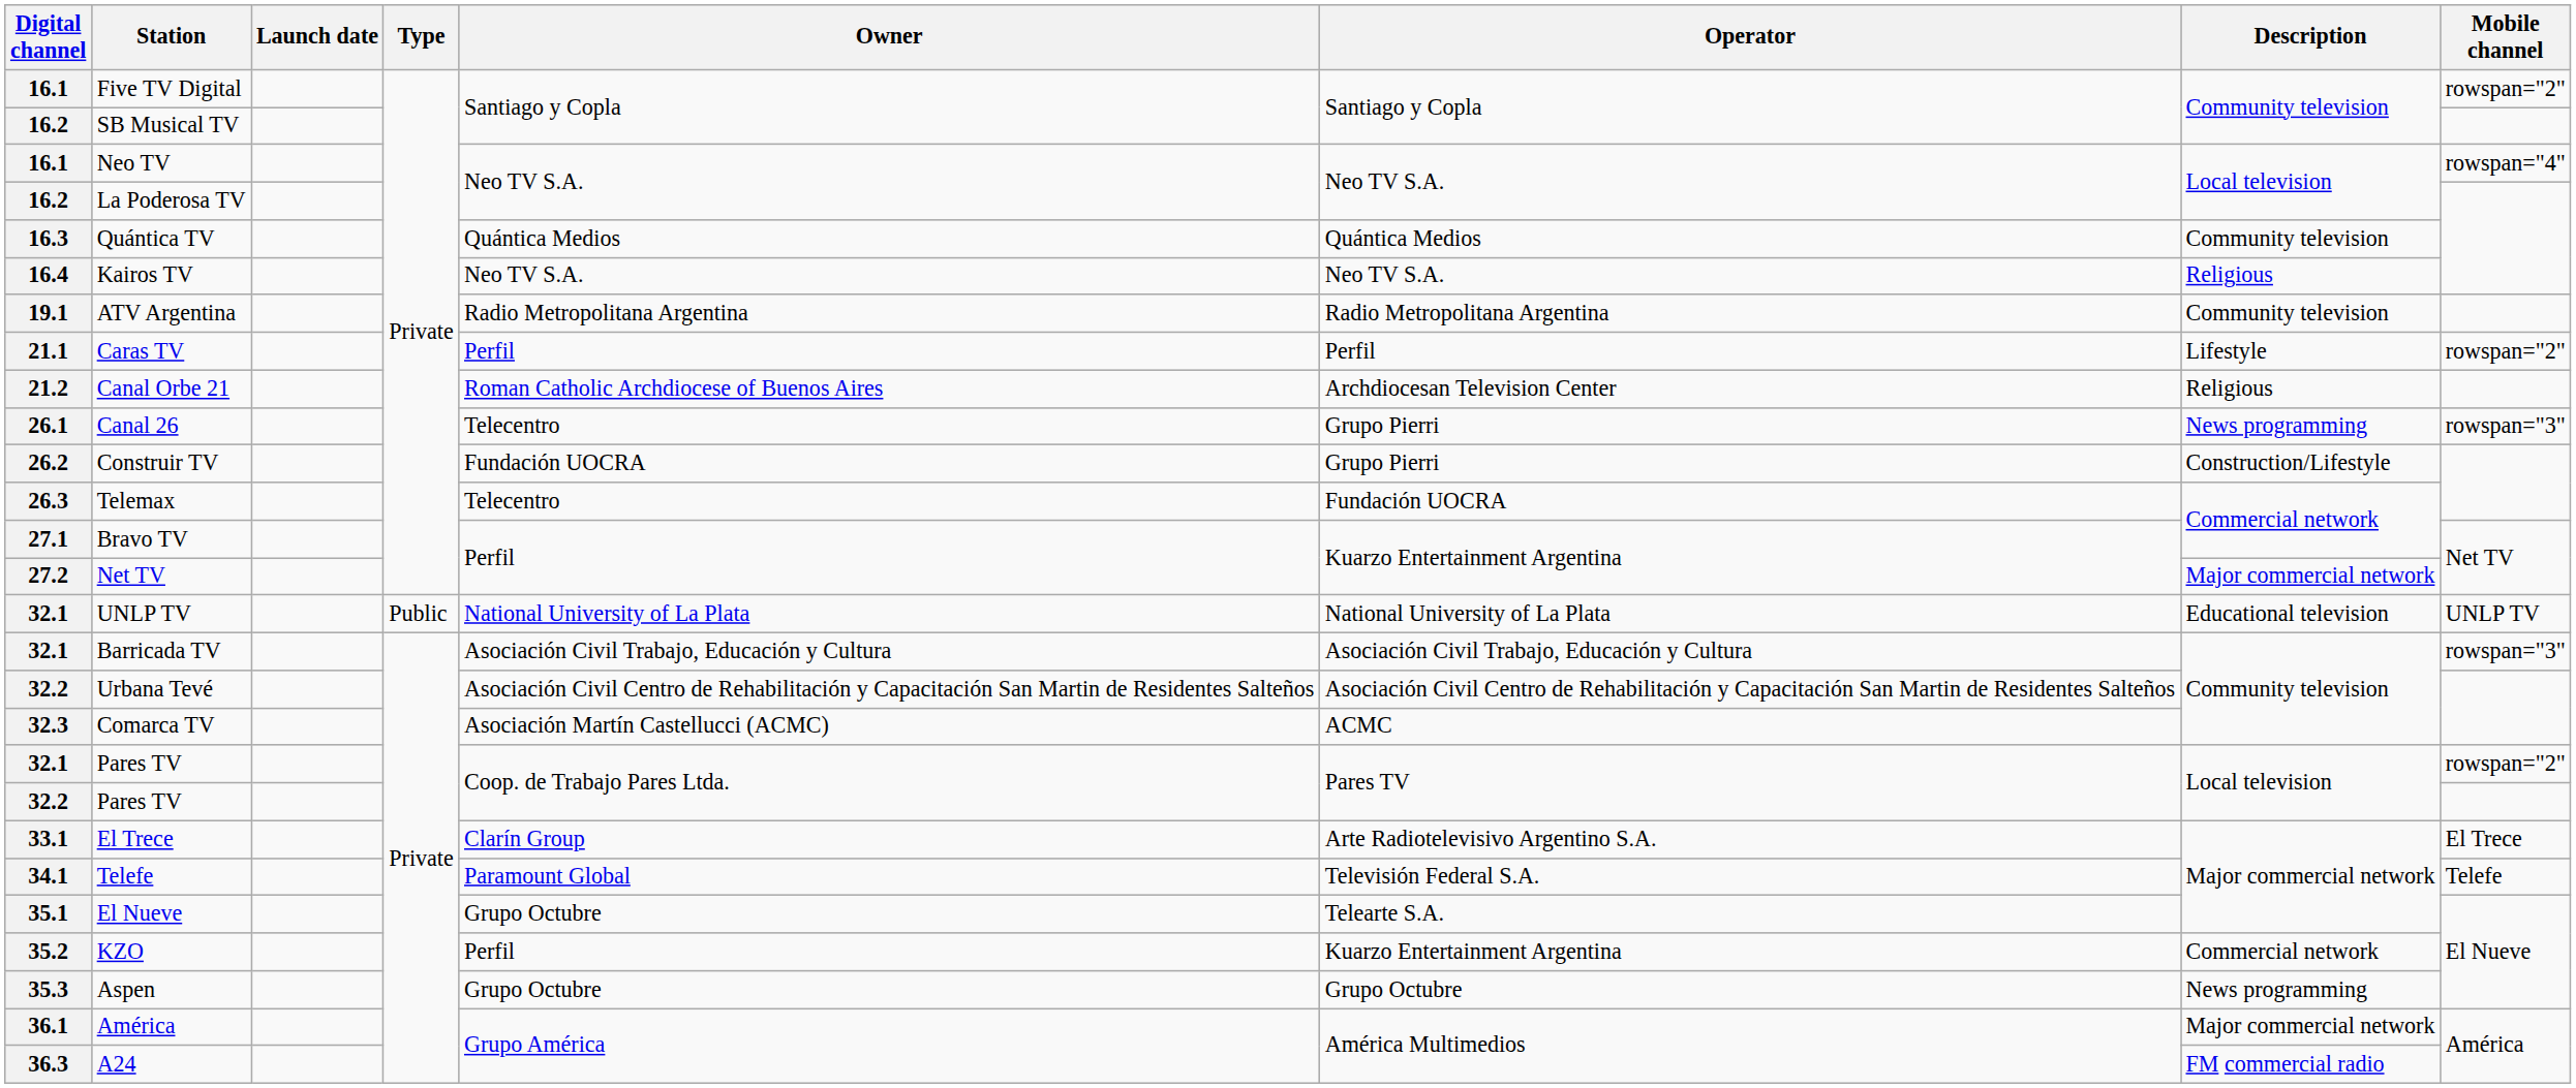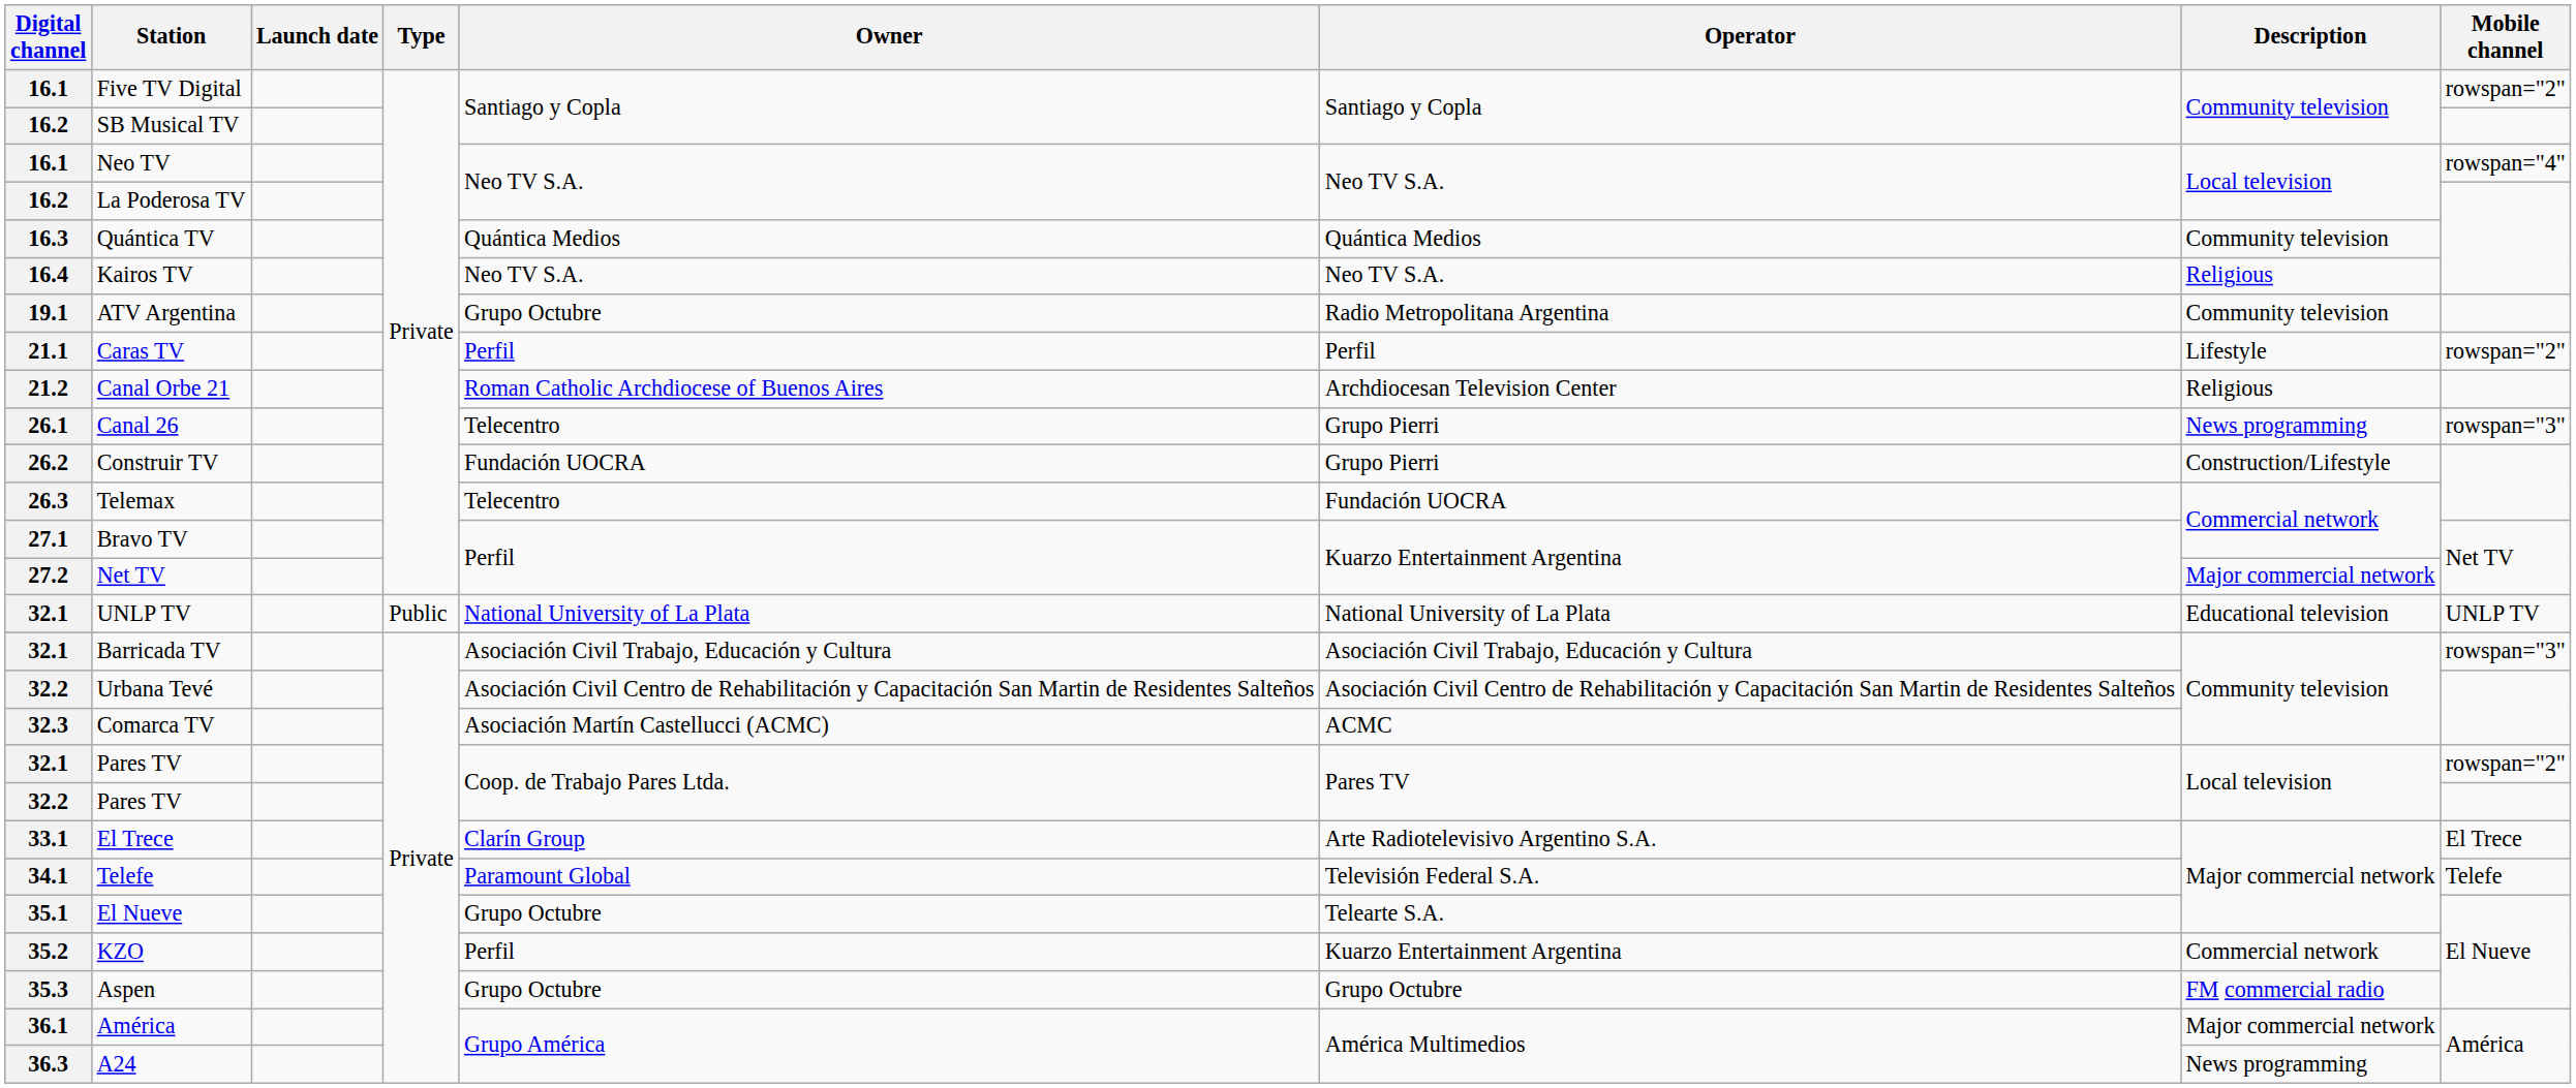 <table class="wikitable sortable" style="font-size: 90%;">
 <tr>
 <th><a href='#'>Digital<br>channel</a></th>
 <th>Station</th>
 <th>Launch date</th>
 <th>Type</th>
 <th>Owner</th>
 <th>Operator</th>
 <th>Description</th>
 <th>Mobile<br>channel</th>
 </tr>
 <tr>
 <th>16.1</th>
 <td>Five TV Digital</td>
 <td></td>
 <td rowspan="14">Private</td>
 <td rowspan="2">Santiago y Copla</td>
 <td rowspan="2">Santiago y Copla</td>
 <td rowspan="2"><a href='#'>Community television</a></td>
 <td>rowspan="2" </td>
 </tr>
 <tr>
 <th>16.2</th>
 <td>SB Musical TV</td>
 <td></td>
 </tr>
 <tr>
 <th>16.1</th>
 <td>Neo TV</td>
 <td></td>
 <td rowspan="2">Neo TV S.A.</td>
 <td rowspan="2">Neo TV S.A.</td>
 <td rowspan="2"><a href='#'>Local television</a></td>
 <td>rowspan="4" </td>
 </tr>
 <tr>
 <th>16.2</th>
 <td>La Poderosa TV</td>
 <td></td>
 </tr>
 <tr>
 <th>16.3</th>
 <td>Quántica TV</td>
 <td></td>
 <td>Quántica Medios</td>
 <td>Quántica Medios</td>
 <td>Community television</td>
 </tr>
 <tr>
 <th>16.4</th>
 <td>Kairos TV</td>
 <td></td>
 <td>Neo TV S.A.</td>
 <td>Neo TV S.A.</td>
 <td><a href='#'>Religious</a></td>
 </tr>
 <tr>
 <th>19.1</th>
 <td>ATV Argentina</td>
 <td></td>
-<td>Radio Metropolitana Argentina</td>
+<td>Grupo Octubre</td>
 <td>Radio Metropolitana Argentina</td>
 <td>Community television</td>
 <td></td>
 </tr>
 <tr>
 <th>21.1</th>
 <td><a href='#'>Caras TV</a></td>
 <td></td>
 <td><a href='#'>Perfil</a></td>
 <td>Perfil</td>
 <td>Lifestyle</td>
 <td>rowspan="2" </td>
 </tr>
 <tr>
 <th>21.2</th>
 <td><a href='#'>Canal Orbe 21</a></td>
 <td></td>
 <td><a href='#'>Roman Catholic Archdiocese of Buenos Aires</a></td>
 <td>Archdiocesan Television Center</td>
 <td>Religious</td>
 </tr>
 <tr>
 <th>26.1</th>
 <td><a href='#'>Canal 26</a></td>
 <td></td>
 <td>Telecentro</td>
 <td>Grupo Pierri</td>
 <td><a href='#'>News programming</a></td>
 <td>rowspan="3" </td>
 </tr>
 <tr>
 <th>26.2</th>
 <td>Construir TV</td>
 <td></td>
 <td>Fundación UOCRA</td>
 <td>Grupo Pierri</td>
 <td>Construction/Lifestyle</td>
 </tr>
 <tr>
 <th>26.3</th>
 <td>Telemax</td>
 <td></td>
 <td>Telecentro</td>
 <td>Fundación UOCRA</td>
 <td rowspan="2"><a href='#'>Commercial network</a></td>
 </tr>
 <tr>
 <th>27.1</th>
 <td>Bravo TV</td>
 <td></td>
 <td rowspan="2">Perfil</td>
 <td rowspan="2">Kuarzo Entertainment Argentina</td>
 <td rowspan="2">Net TV</td>
 </tr>
 <tr>
 <th>27.2</th>
 <td><a href='#'>Net TV</a></td>
 <td></td>
 <td><a href='#'>Major commercial network</a></td>
 </tr>
 <tr>
 <th>32.1</th>
 <td>UNLP TV</td>
 <td></td>
 <td>Public</td>
 <td><a href='#'>National University of La Plata</a></td>
 <td>National University of La Plata</td>
 <td>Educational television</td>
 <td>UNLP TV</td>
 </tr>
 <tr>
 <th>32.1</th>
 <td>Barricada TV</td>
 <td></td>
 <td rowspan="12">Private</td>
 <td>Asociación Civil Trabajo, Educación y Cultura</td>
 <td>Asociación Civil Trabajo, Educación y Cultura</td>
 <td rowspan="3">Community television</td>
 <td>rowspan="3" </td>
 </tr>
 <tr>
 <th>32.2</th>
 <td>Urbana Tevé</td>
 <td></td>
 <td>Asociación Civil Centro de Rehabilitación y Capacitación San Martin de Residentes Salteños</td>
 <td>Asociación Civil Centro de Rehabilitación y Capacitación San Martin de Residentes Salteños</td>
 </tr>
 <tr>
 <th>32.3</th>
 <td>Comarca TV</td>
 <td></td>
 <td>Asociación Martín Castellucci (ACMC)</td>
 <td>ACMC</td>
 </tr>
 <tr>
 <th>32.1</th>
 <td>Pares TV</td>
 <td></td>
 <td rowspan="2">Coop. de Trabajo Pares Ltda.</td>
 <td rowspan="2">Pares TV</td>
 <td rowspan="2">Local television</td>
 <td>rowspan="2" </td>
 </tr>
 <tr>
 <th>32.2</th>
 <td>Pares TV </td>
 <td></td>
 </tr>
 <tr>
 <th>33.1</th>
 <td><a href='#'>El Trece</a></td>
 <td></td>
 <td><a href='#'>Clarín Group</a></td>
 <td>Arte Radiotelevisivo Argentino S.A.</td>
 <td rowspan="3">Major commercial network</td>
 <td>El Trece</td>
 </tr>
 <tr>
 <th>34.1</th>
 <td><a href='#'>Telefe</a></td>
 <td></td>
 <td><a href='#'>Paramount Global</a></td>
 <td>Televisión Federal S.A.</td>
 <td>Telefe</td>
 </tr>
 <tr>
 <th>35.1</th>
 <td><a href='#'>El Nueve</a></td>
 <td></td>
 <td>Grupo Octubre</td>
 <td>Telearte S.A.</td>
 <td rowspan="3">El Nueve</td>
 </tr>
 <tr>
 <th>35.2</th>
 <td><a href='#'>KZO</a></td>
 <td></td>
 <td>Perfil</td>
 <td>Kuarzo Entertainment Argentina</td>
 <td>Commercial network</td>
 </tr>
 <tr>
 <th>35.3</th>
 <td>Aspen</td>
 <td></td>
 <td>Grupo Octubre</td>
 <td>Grupo Octubre</td>
-<td>News programming</td>
+<td><a href='#'>FM</a> <a href='#'>commercial radio</a></td>
 </tr>
 <tr>
 <th>36.1</th>
 <td><a href='#'>América</a></td>
 <td></td>
 <td rowspan="2"><a href='#'>Grupo América</a></td>
 <td rowspan="2">América Multimedios</td>
 <td>Major commercial network</td>
 <td rowspan="2">América</td>
 </tr>
 <tr>
 <th>36.3</th>
 <td><a href='#'>A24</a></td>
 <td></td>
-<td><a href='#'>FM</a> <a href='#'>commercial radio</a></td>
+<td>News programming</td>
 </tr>
 </table>
